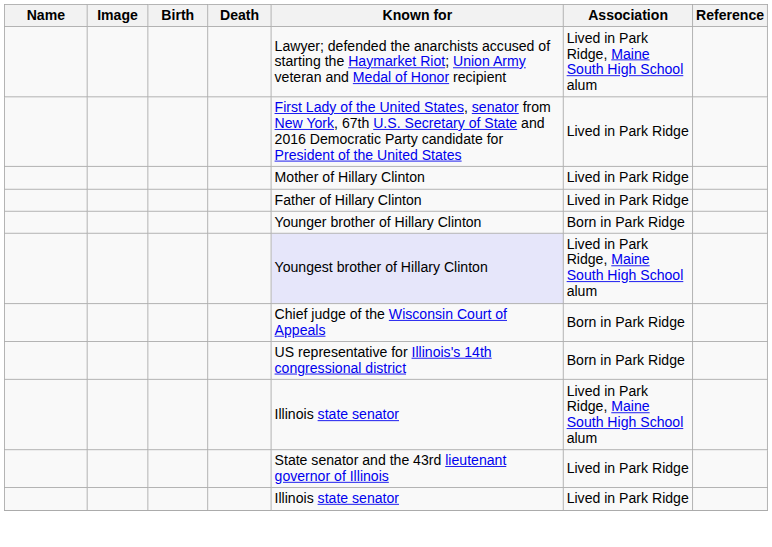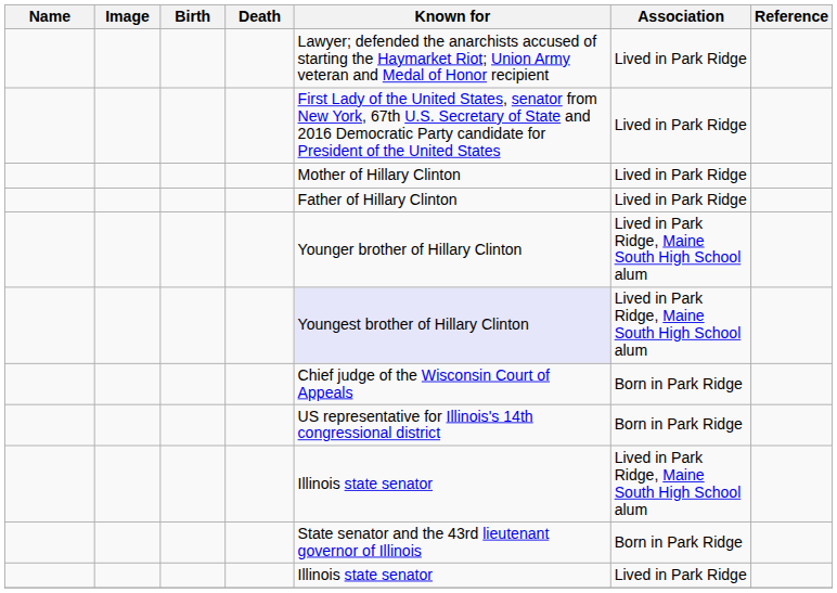 <table class="wikitable sortable">
 <tr>
 <th scope="col" width="140">Name</th>
 <th scope="col" width="80" class="unsortable">Image</th>
 <th scope="col" width="90">Birth</th>
 <th scope="col" width="90">Death</th>
 <th scope="col" width="600" class="unsortable">Known for</th>
 <th scope="col" width="200" class="unsortable">Association</th>
 <th scope="col" width="30" class="unsortable">Reference</th>
 </tr>
 <tr>
 <td></td>
 <td></td>
 <td align=right></td>
 <td align=right></td>
 <td>Lawyer; defended the anarchists accused of starting the <a href='#'>Haymarket Riot</a>; <a href='#'>Union Army</a> veteran and <a href='#'>Medal of Honor</a> recipient</td>
-<td>Lived in Park Ridge, <a href='#'>Maine South High School</a> alum</td>
+<td>Lived in Park Ridge</td>
 <td align="center"></td>
 </tr>
 <tr>
 <td></td>
 <td></td>
 <td align=right></td>
 <td></td>
 <td><a href='#'>First Lady of the United States</a>, <a href='#'>senator</a> from <a href='#'>New York</a>, 67th <a href='#'>U.S. Secretary of State</a> and 2016 Democratic Party candidate for <a href='#'>President of the United States</a></td>
 <td>Lived in Park Ridge</td>
 <td align="center"></td>
 </tr>
 <tr>
 <td></td>
 <td></td>
 <td align=right></td>
 <td align=right></td>
 <td>Mother of Hillary Clinton</td>
 <td>Lived in Park Ridge</td>
 <td align="center"></td>
 </tr>
 <tr>
 <td></td>
 <td></td>
 <td align=right></td>
 <td align=right></td>
 <td>Father of Hillary Clinton</td>
 <td>Lived in Park Ridge</td>
 <td align="center"></td>
 </tr>
 <tr>
 <td></td>
 <td></td>
 <td align=right></td>
 <td></td>
 <td>Younger brother of Hillary Clinton</td>
-<td>Born in Park Ridge</td>
+<td>Lived in Park Ridge, <a href='#'>Maine South High School</a> alum</td>
 <td align="center"></td>
 </tr>
 <tr>
 <td></td>
 <td></td>
 <td align=right></td>
 <td></td>
 <td style="background: lavender;">Youngest brother of Hillary Clinton</td>
 <td>Lived in Park Ridge, <a href='#'>Maine South High School</a> alum</td>
 <td align="center"></td>
 </tr>
 <tr>
 <td></td>
 <td></td>
 <td></td>
 <td></td>
 <td>Chief judge of the <a href='#'>Wisconsin Court of Appeals</a></td>
 <td>Born in Park Ridge</td>
 <td align="center"></td>
 </tr>
 <tr>
 <td></td>
 <td></td>
 <td align=right></td>
 <td></td>
 <td>US representative for <a href='#'>Illinois's 14th congressional district</a></td>
 <td>Born in Park Ridge</td>
 <td align="center"></td>
 </tr>
 <tr>
 <td></td>
 <td></td>
 <td align=right></td>
 <td></td>
 <td>Illinois <a href='#'>state senator</a></td>
 <td>Lived in Park Ridge, <a href='#'>Maine South High School</a> alum</td>
 <td align="center"></td>
 </tr>
 <tr>
 <td></td>
 <td></td>
 <td align=right></td>
 <td></td>
 <td>State senator and the 43rd <a href='#'>lieutenant governor of Illinois</a></td>
-<td>Lived in Park Ridge</td>
+<td>Born in Park Ridge</td>
 <td align="center"></td>
 </tr>
 <tr>
 <td></td>
 <td></td>
 <td align=right></td>
 <td></td>
 <td>Illinois <a href='#'>state senator</a></td>
 <td>Lived in Park Ridge</td>
 <td align="center"></td>
 </tr>
 <tr>
 </tr>
 </table>
